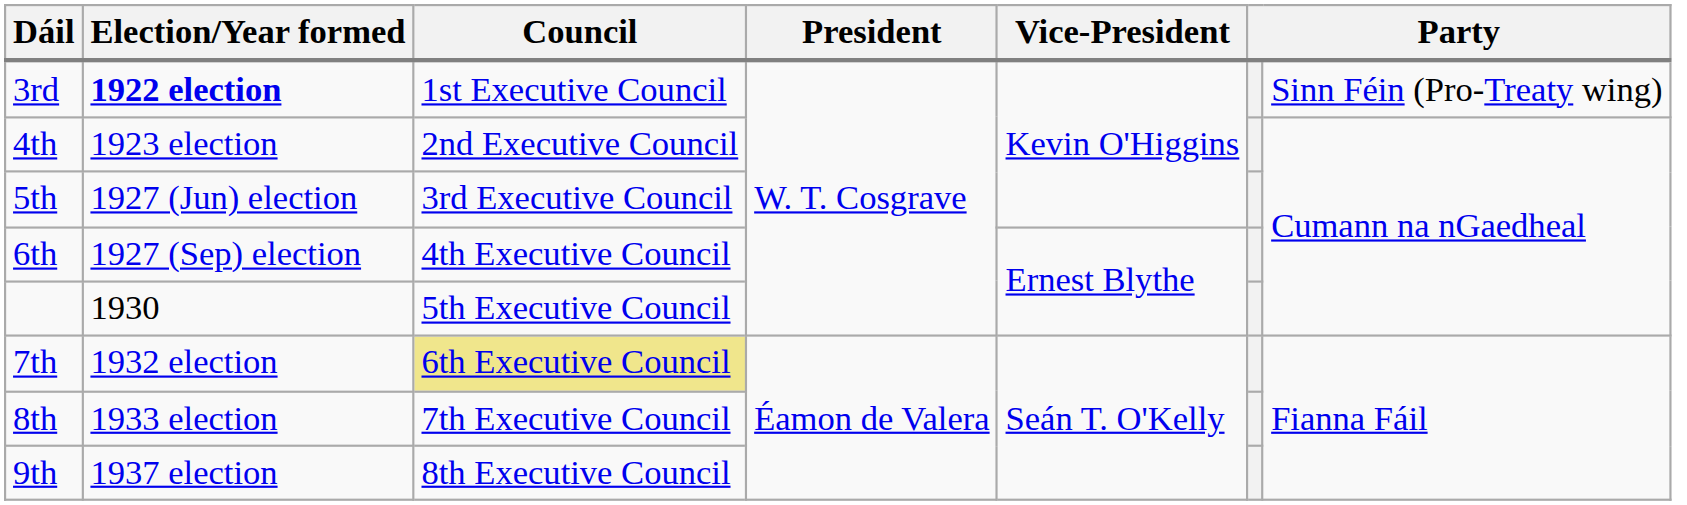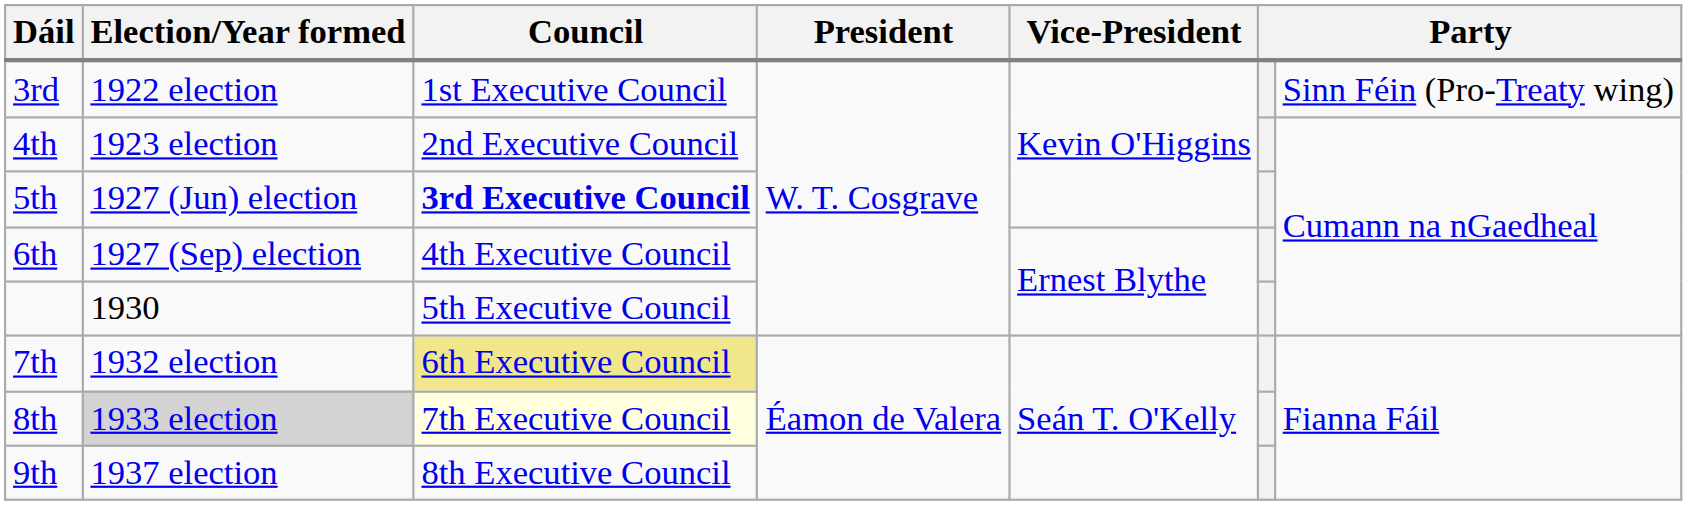 <table class="wikitable">
 <tr style="text-align: center; background: #efefef; border-bottom: 2px solid gray;">
 <th>Dáil</th>
 <th>Election/Year formed</th>
 <th>Council</th>
 <th>President</th>
 <th>Vice-President</th>
 <th colspan="2">Party</th>
 </tr>
 <tr>
 <td><a href='#'>3rd</a></td>
-<td><strong><a href='#'>1922 election</a></strong></td>
+<td><a href='#'>1922 election</a></td>
 <td><a href='#'>1st Executive Council</a></td>
 <td rowspan=5><a href='#'>W. T. Cosgrave</a></td>
 <td rowspan=3><a href='#'>Kevin O'Higgins</a></td>
 <th style="background-color: "></th>
 <td><a href='#'>Sinn Féin</a> (Pro-<a href='#'>Treaty</a> wing)</td>
 </tr>
 <tr>
 <td><a href='#'>4th</a></td>
 <td><a href='#'>1923 election</a></td>
 <td><a href='#'>2nd Executive Council</a></td>
 <th style="background-color: "></th>
 <td rowspan=4><a href='#'>Cumann na nGaedheal</a></td>
 </tr>
 <tr>
 <td><a href='#'>5th</a></td>
 <td><a href='#'>1927 (Jun) election</a></td>
-<td><a href='#'>3rd Executive Council</a></td>
+<td><strong><a href='#'>3rd Executive Council</a></strong></td>
 <th style="background-color: "></th>
 </tr>
 <tr>
 <td><a href='#'>6th</a></td>
 <td><a href='#'>1927 (Sep) election</a></td>
 <td><a href='#'>4th Executive Council</a></td>
 <td rowspan=2><a href='#'>Ernest Blythe</a></td>
 <th style="background-color: "></th>
 </tr>
 <tr>
 <td></td>
 <td>1930</td>
 <td><a href='#'>5th Executive Council</a></td>
 <th style="background-color: "></th>
 </tr>
 <tr>
 <td><a href='#'>7th</a></td>
 <td><a href='#'>1932 election</a></td>
 <td style="background: khaki;"><a href='#'>6th Executive Council</a></td>
 <td rowspan=3><a href='#'>Éamon de Valera</a></td>
 <td rowspan=3><a href='#'>Seán T. O'Kelly</a></td>
 <th style="background-color: "></th>
 <td rowspan=3><a href='#'>Fianna Fáil</a></td>
 </tr>
 <tr>
 <td><a href='#'>8th</a></td>
-<td><a href='#'>1933 election</a></td>
-<td><a href='#'>7th Executive Council</a></td>
+<td style="background: lightgrey;"><a href='#'>1933 election</a></td>
+<td style="background: lightyellow;"><a href='#'>7th Executive Council</a></td>
 <th style="background-color: "></th>
 </tr>
 <tr>
 <td><a href='#'>9th</a></td>
 <td><a href='#'>1937 election</a></td>
 <td><a href='#'>8th Executive Council</a></td>
 <th style="background-color: "></th>
 </tr>
 </table>
